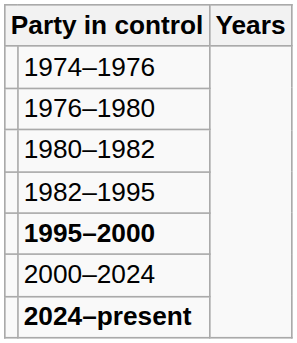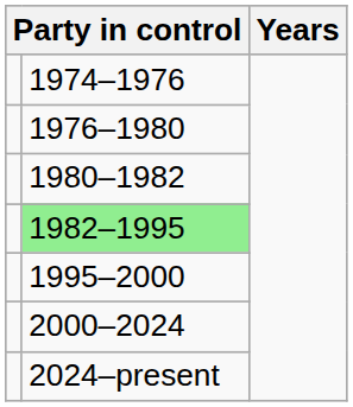 <table class="wikitable">
 <tr>
 <th colspan=2>Party in control</th>
 <th>Years</th>
 </tr>
 <tr>
 <td></td>
 <td>1974–1976</td>
 </tr>
 <tr>
 <td></td>
 <td>1976–1980</td>
 </tr>
 <tr>
 <td></td>
 <td>1980–1982</td>
 </tr>
 <tr>
 <td></td>
-<td>1982–1995</td>
+<td style="background: lightgreen;">1982–1995</td>
 </tr>
 <tr>
 <td></td>
-<td><strong>1995–2000</strong></td>
+<td>1995–2000</td>
 </tr>
 <tr>
 <td></td>
 <td>2000–2024</td>
 </tr>
 <tr>
 <td></td>
-<td><strong>2024–present</strong></td>
+<td>2024–present</td>
 </tr>
 </table>
